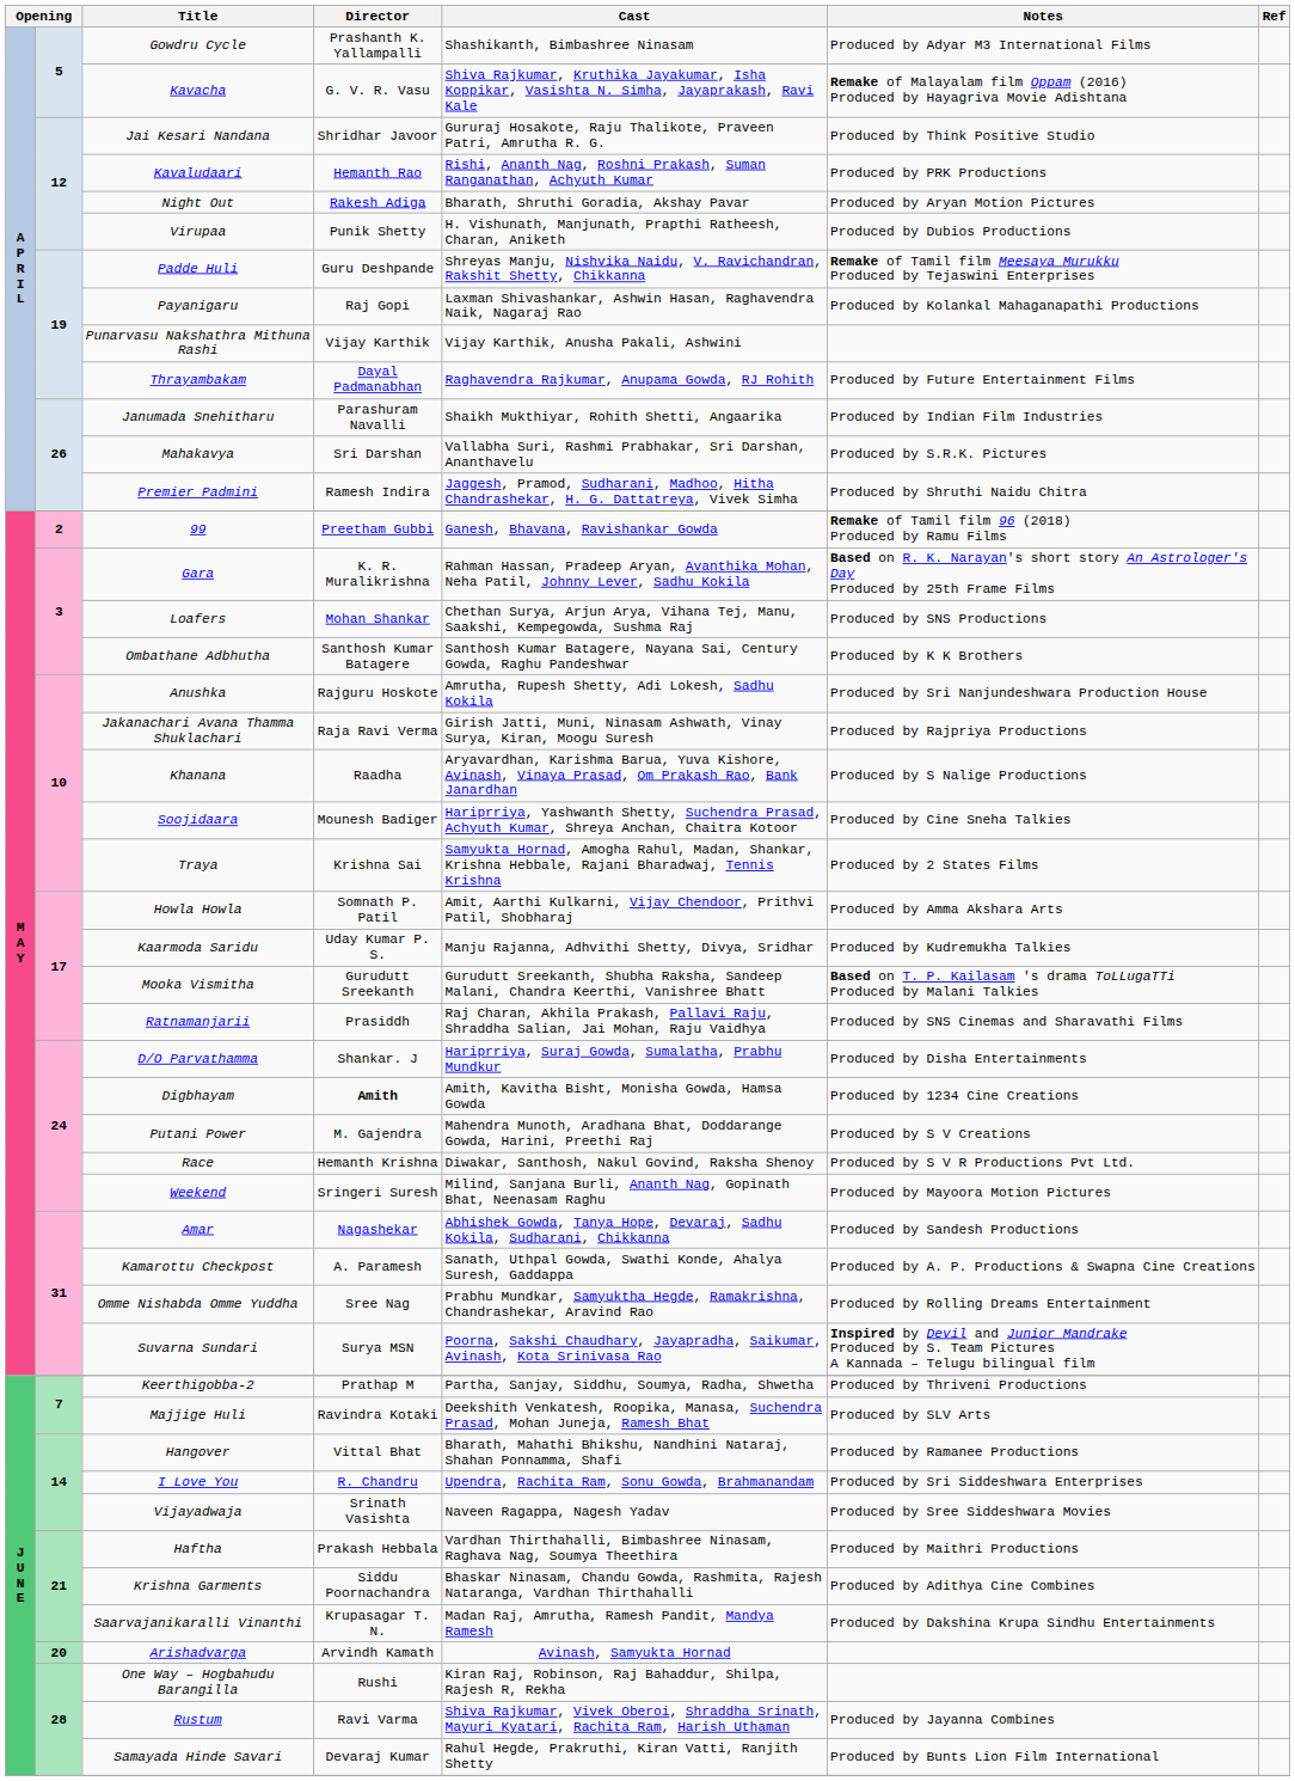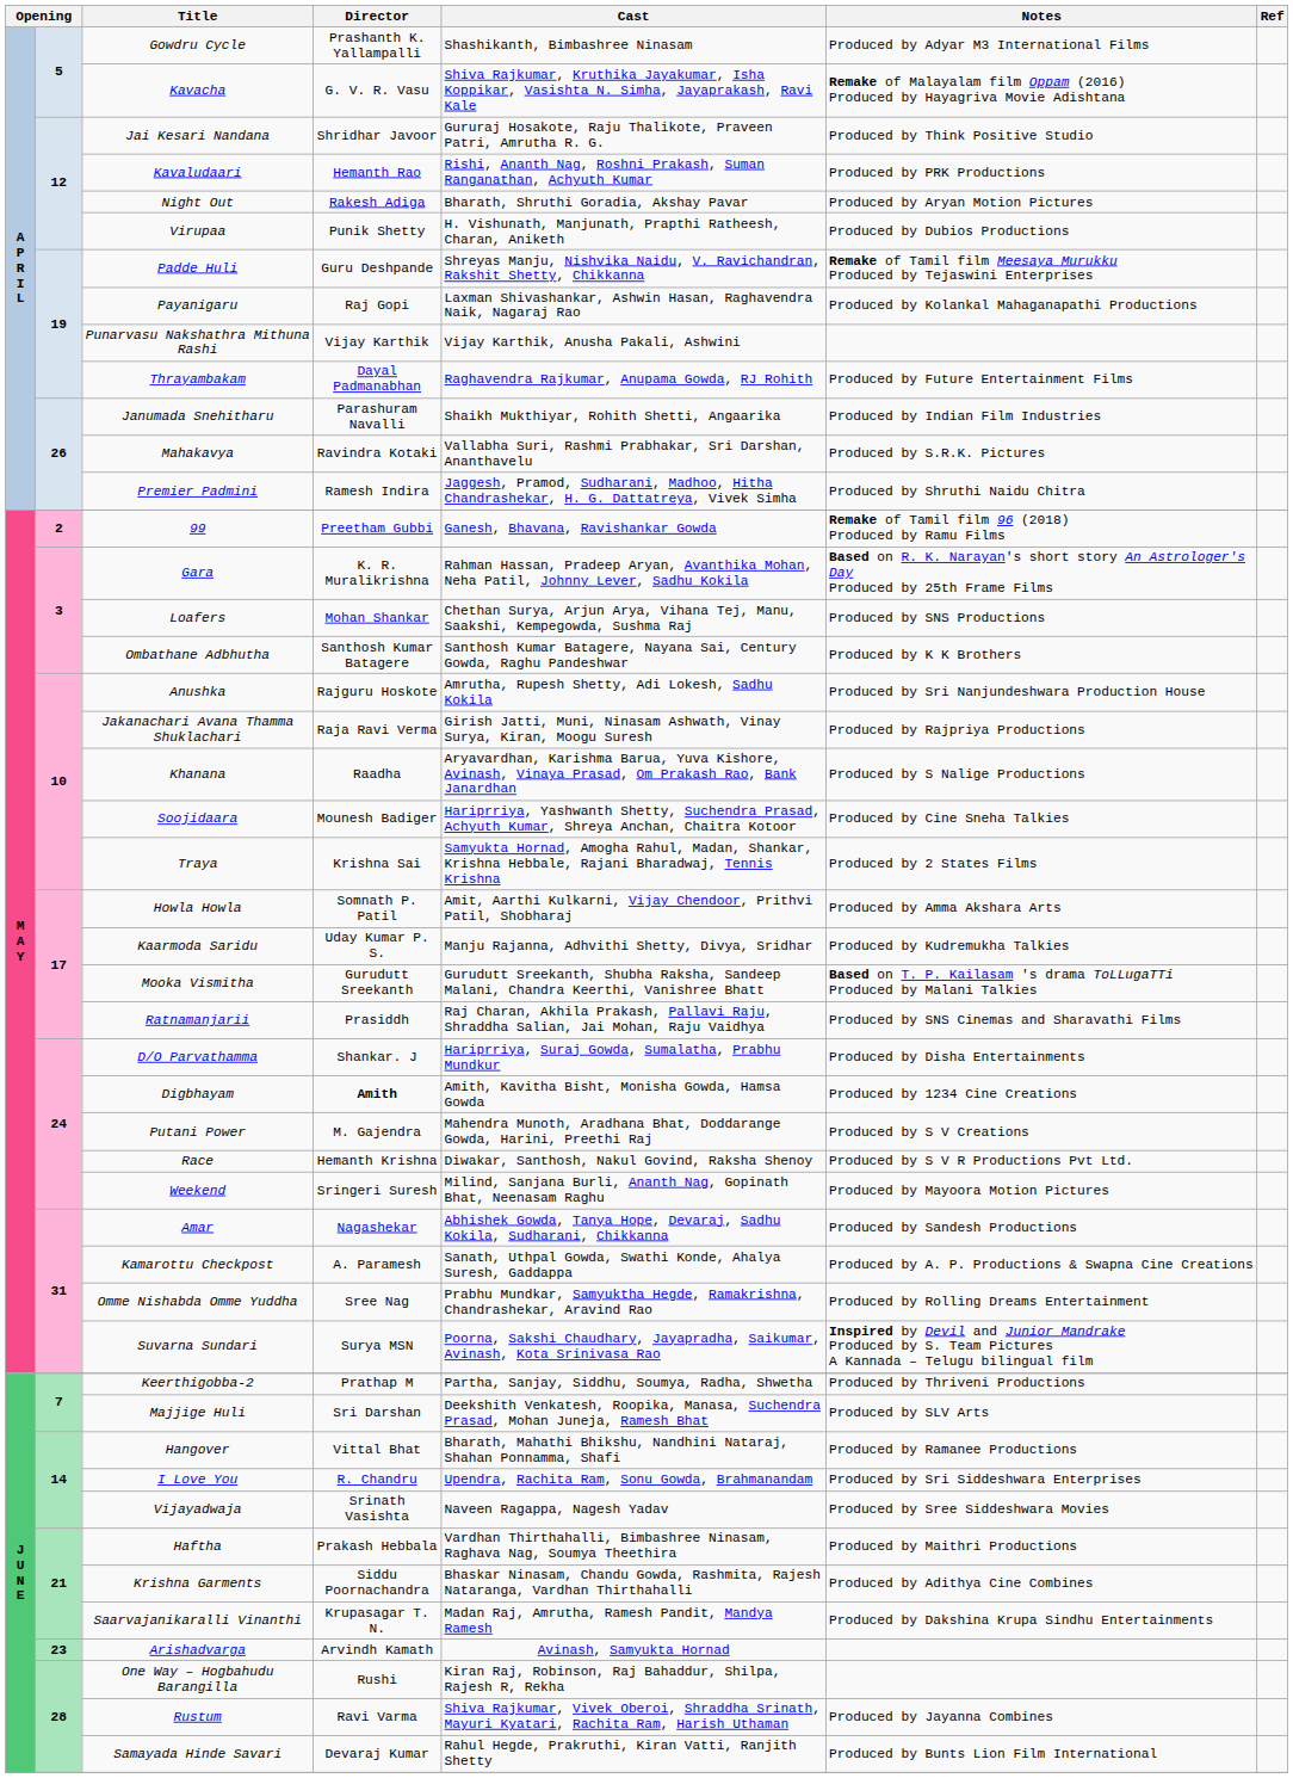 <table class="wikitable sortable">
 <tr style="background:#b0e0e6; text-align:center;">
 <th colspan="2" style="width:6%;"><strong>Opening</strong></th>
 <th style="width:18%;"><strong>Title</strong></th>
 <th style="width:10%;"><strong>Director</strong></th>
 <th style="width:30%;"><strong>Cast</strong></th>
 <th>Notes</th>
 <th>Ref</th>
 </tr>
 <tr April!>
 <td rowspan="13" style="text-align:center; background:#b4cae3; textcolor:#000;"><strong>A<br>P<br>R<br>I<br>L</strong></td>
 <td rowspan="2" style="text-align:center;background:#d9e4f1;"><strong>5</strong></td>
 <td align="center"><em>Gowdru Cycle</em></td>
 <td align="center">Prashanth K. Yallampalli</td>
 <td>Shashikanth, Bimbashree Ninasam</td>
 <td>Produced by Adyar M3 International Films</td>
 <td align="center"></td>
 </tr>
 <tr>
 <td align="center"><em><a href='#'>Kavacha</a></em></td>
 <td align="center">G. V. R. Vasu</td>
 <td><a href='#'>Shiva Rajkumar</a>, <a href='#'>Kruthika Jayakumar</a>, <a href='#'>Isha Koppikar</a>, <a href='#'>Vasishta N. Simha</a>, <a href='#'>Jayaprakash</a>, <a href='#'>Ravi Kale</a></td>
 <td><strong>Remake</strong> of Malayalam film <em><a href='#'>Oppam</a></em> (2016) <br> Produced by Hayagriva Movie Adishtana</td>
 <td align="center"></td>
 </tr>
 <tr>
 <td rowspan="4" style="text-align:center;background:#d9e4f1;"><strong>12</strong></td>
 <td align="center"><em>Jai Kesari Nandana</em></td>
 <td align="center">Shridhar Javoor</td>
 <td>Gururaj Hosakote, Raju Thalikote, Praveen Patri, Amrutha R. G.</td>
 <td>Produced by Think Positive Studio</td>
 <td align="center"></td>
 </tr>
 <tr>
 <td align="center"><em><a href='#'>Kavaludaari</a></em></td>
 <td align="center"><a href='#'>Hemanth Rao</a></td>
 <td><a href='#'>Rishi</a>, <a href='#'>Ananth Nag</a>, <a href='#'>Roshni Prakash</a>, <a href='#'>Suman Ranganathan</a>, <a href='#'>Achyuth Kumar</a></td>
 <td>Produced by PRK Productions</td>
 <td align="center"></td>
 </tr>
 <tr>
 <td align="center"><em>Night Out</em></td>
 <td align="center"><a href='#'>Rakesh Adiga</a></td>
 <td>Bharath, Shruthi Goradia, Akshay Pavar</td>
 <td>Produced by Aryan Motion Pictures</td>
 <td align="center"></td>
 </tr>
 <tr>
 <td align="center"><em>Virupaa</em></td>
 <td align="center">Punik Shetty</td>
 <td>H. Vishunath, Manjunath, Prapthi Ratheesh, Charan, Aniketh</td>
 <td>Produced by Dubios Productions</td>
 <td align="center"></td>
 </tr>
 <tr>
 <td rowspan="4" style="text-align:center;background:#d9e4f1;"><strong>19</strong></td>
 <td align="center"><em><a href='#'>Padde Huli</a></em></td>
 <td align="center">Guru Deshpande</td>
 <td>Shreyas Manju, <a href='#'>Nishvika Naidu</a>, <a href='#'>V. Ravichandran</a>, <a href='#'>Rakshit Shetty</a>, <a href='#'>Chikkanna</a></td>
 <td><strong> Remake</strong> of Tamil film <em><a href='#'>Meesaya Murukku</a></em><br>Produced by Tejaswini Enterprises</td>
 <td align="center"></td>
 </tr>
 <tr>
 <td align="center"><em>Payanigaru</em></td>
 <td align="center">Raj Gopi</td>
 <td>Laxman Shivashankar, Ashwin Hasan, Raghavendra Naik, Nagaraj Rao</td>
 <td>Produced by Kolankal Mahaganapathi Productions</td>
 <td align="center"></td>
 </tr>
 <tr>
 <td align="center"><em>Punarvasu Nakshathra Mithuna Rashi</em></td>
 <td align="center">Vijay Karthik</td>
 <td>Vijay Karthik, Anusha Pakali, Ashwini</td>
 <td></td>
 <td align="center"></td>
 </tr>
 <tr>
 <td align="center"><em><a href='#'>Thrayambakam</a></em></td>
 <td align="center"><a href='#'>Dayal Padmanabhan</a></td>
 <td><a href='#'>Raghavendra Rajkumar</a>, <a href='#'>Anupama Gowda</a>, <a href='#'>RJ Rohith</a></td>
 <td>Produced by Future Entertainment Films</td>
 <td align="center"></td>
 </tr>
 <tr>
 <td rowspan="3" style="text-align:center;background:#d9e4f1;"><strong>26</strong></td>
 <td align="center"><em>Janumada Snehitharu</em></td>
 <td align="center">Parashuram Navalli</td>
 <td>Shaikh Mukthiyar, Rohith Shetti, Angaarika</td>
 <td>Produced by Indian Film Industries</td>
 <td align="center"></td>
 </tr>
 <tr>
 <td align="center"><em>Mahakavya</em></td>
-<td align="center">Sri Darshan</td>
+<td align="center">Ravindra Kotaki</td>
 <td>Vallabha Suri, Rashmi Prabhakar, Sri Darshan, Ananthavelu</td>
 <td>Produced by S.R.K. Pictures</td>
 <td align="center"></td>
 </tr>
 <tr>
 <td align="center"><em><a href='#'>Premier Padmini</a></em></td>
 <td align="center">Ramesh Indira</td>
 <td><a href='#'>Jaggesh</a>, Pramod, <a href='#'>Sudharani</a>, <a href='#'>Madhoo</a>, <a href='#'>Hitha Chandrashekar</a>, <a href='#'>H. G. Dattatreya</a>, Vivek Simha</td>
 <td>Produced by Shruthi Naidu Chitra</td>
 <td align="center"></td>
 </tr>
 <tr>
 </tr>
 <tr May!>
 <td rowspan="22" style="text-align:center; background:#f64a8a;"><strong>M<br>A<br>Y</strong></td>
 <td rowspan="1" style="text-align:center;background:#ffb5da;"><strong>2</strong></td>
 <td align="center"><em><a href='#'>99</a></em></td>
 <td align="center"><a href='#'>Preetham Gubbi</a></td>
 <td><a href='#'>Ganesh</a>, <a href='#'>Bhavana</a>, <a href='#'>Ravishankar Gowda</a></td>
 <td><strong>Remake</strong> of Tamil film <em><a href='#'>96</a></em> (2018) <br> Produced by Ramu Films</td>
 <td align="center"></td>
 </tr>
 <tr>
 <td rowspan="3" style="text-align:center;background:#ffb5da;"><strong>3</strong></td>
 <td align="center"><em><a href='#'>Gara</a></em></td>
 <td align="center">K. R. Muralikrishna</td>
 <td>Rahman Hassan, Pradeep Aryan, <a href='#'>Avanthika Mohan</a>, Neha Patil, <a href='#'>Johnny Lever</a>, <a href='#'>Sadhu Kokila</a></td>
 <td><strong>Based</strong> on <a href='#'>R. K. Narayan</a>'s short story <em><a href='#'>An Astrologer's Day</a></em> <br> Produced by 25th Frame Films</td>
 <td align="center"></td>
 </tr>
 <tr>
 <td align="center"><em>Loafers</em></td>
 <td align="center"><a href='#'>Mohan Shankar</a></td>
 <td>Chethan Surya, Arjun Arya, Vihana Tej, Manu, Saakshi, Kempegowda, Sushma Raj</td>
 <td>Produced by SNS Productions</td>
 <td align="center"></td>
 </tr>
 <tr>
 <td align="center"><em>Ombathane Adbhutha</em></td>
 <td align="center">Santhosh Kumar Batagere</td>
 <td>Santhosh Kumar Batagere, Nayana Sai, Century Gowda, Raghu Pandeshwar</td>
 <td>Produced by K K Brothers</td>
 <td align="center"></td>
 </tr>
 <tr>
 <td rowspan="5" style="text-align:center;background:#ffb5da;"><strong>10</strong></td>
 <td align="center"><em>Anushka</em></td>
 <td align="center">Rajguru Hoskote</td>
 <td>Amrutha, Rupesh Shetty, Adi Lokesh, <a href='#'>Sadhu Kokila</a></td>
 <td>Produced by Sri Nanjundeshwara Production House</td>
 <td align="center"></td>
 </tr>
 <tr>
 <td align="center"><em>Jakanachari Avana Thamma Shuklachari</em></td>
 <td align="center">Raja Ravi Verma</td>
 <td>Girish Jatti, Muni, Ninasam Ashwath, Vinay Surya, Kiran, Moogu Suresh</td>
 <td>Produced by Rajpriya Productions</td>
 <td align="center"></td>
 </tr>
 <tr>
 <td align="center"><em>Khanana</em></td>
 <td align="center">Raadha</td>
 <td>Aryavardhan, Karishma Barua, Yuva Kishore, <a href='#'>Avinash</a>, <a href='#'>Vinaya Prasad</a>, <a href='#'>Om Prakash Rao</a>, <a href='#'>Bank Janardhan</a></td>
 <td>Produced by S Nalige Productions</td>
 <td align="center"></td>
 </tr>
 <tr>
 <td align="center"><em><a href='#'>Soojidaara</a></em></td>
 <td align="center">Mounesh Badiger</td>
 <td><a href='#'>Hariprriya</a>, Yashwanth Shetty, <a href='#'>Suchendra Prasad</a>, <a href='#'>Achyuth Kumar</a>, Shreya Anchan, Chaitra Kotoor</td>
 <td>Produced by Cine Sneha Talkies</td>
 <td align="center"></td>
 </tr>
 <tr>
 <td align="center"><em>Traya</em></td>
 <td align="center">Krishna Sai</td>
 <td><a href='#'>Samyukta Hornad</a>, Amogha Rahul, Madan, Shankar, Krishna Hebbale, Rajani Bharadwaj, <a href='#'>Tennis Krishna</a></td>
 <td>Produced by 2 States Films</td>
 <td align="center"></td>
 </tr>
 <tr>
 <td rowspan="4" style="text-align:center;background:#ffb5da;"><strong>17</strong></td>
 <td align="center"><em>Howla Howla</em></td>
 <td align="center">Somnath P. Patil</td>
 <td>Amit, Aarthi Kulkarni, <a href='#'>Vijay Chendoor</a>, Prithvi Patil, Shobharaj</td>
 <td>Produced by Amma Akshara Arts</td>
 <td align="center"></td>
 </tr>
 <tr>
 <td align="center"><em>Kaarmoda Saridu</em></td>
 <td align="center">Uday Kumar P. S.</td>
 <td>Manju Rajanna, Adhvithi Shetty, Divya, Sridhar</td>
 <td>Produced by Kudremukha Talkies</td>
 <td align="center"></td>
 </tr>
 <tr>
 <td align="center"><em>Mooka Vismitha</em></td>
 <td align="center">Gurudutt Sreekanth</td>
 <td>Gurudutt Sreekanth, Shubha Raksha, Sandeep Malani, Chandra Keerthi, Vanishree Bhatt</td>
 <td><strong>Based</strong> on <a href='#'>T. P. Kailasam</a> 's drama <em>ToLLugaTTi</em> <br> Produced by Malani Talkies</td>
 <td align="center"></td>
 </tr>
 <tr>
 <td align="center"><em><a href='#'>Ratnamanjarii</a></em></td>
 <td align="center">Prasiddh</td>
 <td>Raj Charan, Akhila Prakash, <a href='#'>Pallavi Raju</a>, Shraddha Salian, Jai Mohan, Raju Vaidhya</td>
 <td>Produced by SNS Cinemas and Sharavathi Films</td>
 <td align="center"></td>
 </tr>
 <tr>
 <td rowspan="5" style="text-align:center;background:#ffb5da;"><strong>24</strong></td>
 <td align="center"><em><a href='#'>D/O Parvathamma</a></em></td>
 <td align="center">Shankar. J</td>
 <td><a href='#'>Hariprriya</a>, <a href='#'>Suraj Gowda</a>, <a href='#'>Sumalatha</a>, <a href='#'>Prabhu Mundkur</a></td>
 <td>Produced by Disha Entertainments</td>
 <td align="center"></td>
 </tr>
 <tr>
 <td align="center"><em>Digbhayam</em></td>
 <td align="center"><strong>Amith</strong></td>
 <td>Amith, Kavitha Bisht, Monisha Gowda, Hamsa Gowda</td>
 <td>Produced by 1234 Cine Creations</td>
 <td align="center"></td>
 </tr>
 <tr>
 <td align="center"><em>Putani Power</em></td>
 <td align="center">M. Gajendra</td>
 <td>Mahendra Munoth, Aradhana Bhat, Doddarange Gowda, Harini, Preethi Raj</td>
 <td>Produced by S V Creations</td>
 <td align="center"></td>
 </tr>
 <tr>
 <td align="center"><em>Race</em></td>
 <td align="center">Hemanth Krishna</td>
 <td>Diwakar, Santhosh, Nakul Govind, Raksha Shenoy</td>
 <td>Produced by S V R Productions Pvt Ltd.</td>
 <td align="center"></td>
 </tr>
 <tr>
 <td align="center"><em><a href='#'>Weekend</a></em></td>
 <td align="center">Sringeri Suresh</td>
 <td>Milind, Sanjana Burli, <a href='#'>Ananth Nag</a>, Gopinath Bhat, Neenasam Raghu</td>
 <td>Produced by Mayoora Motion Pictures</td>
 <td align="center"></td>
 </tr>
 <tr>
 <td rowspan="4" style="text-align:center;background:#ffb5da;"><strong>31</strong></td>
 <td align="center"><em><a href='#'>Amar</a></em></td>
 <td align="center"><a href='#'>Nagashekar</a></td>
 <td><a href='#'>Abhishek Gowda</a>, <a href='#'>Tanya Hope</a>, <a href='#'>Devaraj</a>, <a href='#'>Sadhu Kokila</a>, <a href='#'>Sudharani</a>, <a href='#'>Chikkanna</a></td>
 <td>Produced by Sandesh Productions</td>
 <td align="center"></td>
 </tr>
 <tr>
 <td align="center"><em>Kamarottu Checkpost</em></td>
 <td align="center">A. Paramesh</td>
 <td>Sanath, Uthpal Gowda, Swathi Konde, Ahalya Suresh, Gaddappa</td>
 <td>Produced by A. P. Productions & Swapna Cine Creations</td>
 <td align="center"></td>
 </tr>
 <tr>
 <td align="center"><em>Omme Nishabda Omme Yuddha</em></td>
 <td align="center">Sree Nag</td>
 <td>Prabhu Mundkar, <a href='#'>Samyuktha Hegde</a>, <a href='#'>Ramakrishna</a>, Chandrashekar, Aravind Rao</td>
 <td>Produced by Rolling Dreams Entertainment</td>
 <td align="center"></td>
 </tr>
 <tr>
 <td align="center"><em>Suvarna Sundari</em></td>
 <td align="center">Surya MSN</td>
 <td><a href='#'>Poorna</a>, <a href='#'>Sakshi Chaudhary</a>, <a href='#'>Jayapradha</a>, <a href='#'>Saikumar</a>, <a href='#'>Avinash</a>, <a href='#'>Kota Srinivasa Rao</a></td>
 <td><strong>Inspired</strong> by <em><a href='#'>Devil</a></em> and <em><a href='#'>Junior Mandrake</a></em> <br> Produced by S. Team Pictures <br> A Kannada – Telugu bilingual film</td>
 <td align="center"></td>
 </tr>
 <tr>
 </tr>
 <tr June!>
 <td rowspan="13" style="text-align:center; background:#50c878; textcolor:#000;"><strong>J<br>U<br>N<br>E</strong></td>
 <td rowspan="2" style="text-align:center;background:#a8e4bc;"><strong>7</strong></td>
 <td align="center"><em>Keerthigobba-2</em></td>
 <td align="center">Prathap M</td>
 <td>Partha, Sanjay, Siddhu, Soumya, Radha, Shwetha</td>
 <td>Produced by Thriveni Productions</td>
 <td align="center"></td>
 </tr>
 <tr>
 <td align="center"><em>Majjige Huli</em></td>
-<td align="center">Ravindra Kotaki</td>
+<td align="center">Sri Darshan</td>
 <td>Deekshith Venkatesh, Roopika, Manasa, <a href='#'>Suchendra Prasad</a>, Mohan Juneja, <a href='#'>Ramesh Bhat</a></td>
 <td>Produced by SLV Arts</td>
 <td align="center"></td>
 </tr>
 <tr>
 <td rowspan="3" style="text-align:center;background:#a8e4bc;"><strong>14</strong></td>
 <td align="center"><em>Hangover</em></td>
 <td align="center">Vittal Bhat</td>
 <td>Bharath, Mahathi Bhikshu, Nandhini Nataraj, Shahan Ponnamma, Shafi</td>
 <td>Produced by Ramanee Productions</td>
 <td align="center"></td>
 </tr>
 <tr>
 <td align="center"><em><a href='#'>I Love You</a></em></td>
 <td align="center"><a href='#'>R. Chandru</a></td>
 <td><a href='#'>Upendra</a>, <a href='#'>Rachita Ram</a>, <a href='#'>Sonu Gowda</a>, <a href='#'>Brahmanandam</a></td>
 <td>Produced by Sri Siddeshwara Enterprises</td>
 <td align="center"></td>
 </tr>
 <tr>
 <td align="center"><em>Vijayadwaja</em></td>
 <td align="center">Srinath Vasishta</td>
 <td>Naveen Ragappa, Nagesh Yadav</td>
 <td>Produced by Sree Siddeshwara Movies</td>
 <td align="center"></td>
 </tr>
 <tr>
 <td rowspan="3" style="text-align:center;background:#a8e4bc;"><strong>21</strong></td>
 <td align="center"><em>Haftha</em></td>
 <td align="center">Prakash Hebbala</td>
 <td>Vardhan Thirthahalli, Bimbashree Ninasam, Raghava Nag, Soumya Theethira</td>
 <td>Produced by Maithri Productions</td>
 <td align="center"></td>
 </tr>
 <tr>
 <td align="center"><em>Krishna Garments</em></td>
 <td align="center">Siddu Poornachandra</td>
 <td>Bhaskar Ninasam, Chandu Gowda, Rashmita, Rajesh Nataranga, Vardhan Thirthahalli</td>
 <td>Produced by Adithya Cine Combines</td>
 <td align="center"></td>
 </tr>
 <tr>
 <td align="center"><em>Saarvajanikaralli Vinanthi</em></td>
 <td align="center">Krupasagar T. N.</td>
 <td>Madan Raj, Amrutha, Ramesh Pandit, <a href='#'>Mandya Ramesh</a></td>
 <td>Produced by Dakshina Krupa Sindhu Entertainments</td>
 <td align="center"></td>
 </tr>
 <tr>
-<td style="text-align:center;background:#a8e4bc;"><strong>20</strong></td>
+<td style="text-align:center;background:#a8e4bc;"><strong>23</strong></td>
 <td align="center"><em><a href='#'>Arishadvarga</a></em></td>
 <td align="center">Arvindh Kamath</td>
 <td align="center"><a href='#'>Avinash</a>, <a href='#'>Samyukta Hornad</a></td>
 <td></td>
 <td></td>
 </tr>
 <tr>
 <td rowspan="3" style="text-align:center;background:#a8e4bc;"><strong>28</strong></td>
 <td align="center"><em>One Way – Hogbahudu Barangilla</em></td>
 <td align="center">Rushi</td>
 <td>Kiran Raj, Robinson, Raj Bahaddur, Shilpa, Rajesh R, Rekha</td>
 <td></td>
 <td align="center"></td>
 </tr>
 <tr>
 <td align="center"><em><a href='#'>Rustum</a></em></td>
 <td align="center">Ravi Varma</td>
 <td><a href='#'>Shiva Rajkumar</a>, <a href='#'>Vivek Oberoi</a>, <a href='#'>Shraddha Srinath</a>, <a href='#'>Mayuri Kyatari</a>, <a href='#'>Rachita Ram</a>, <a href='#'>Harish Uthaman</a></td>
 <td>Produced by Jayanna Combines</td>
 <td align="center"></td>
 </tr>
 <tr>
 <td align="center"><em>Samayada Hinde Savari</em></td>
 <td align="center">Devaraj Kumar</td>
 <td>Rahul Hegde, Prakruthi, Kiran Vatti, Ranjith Shetty</td>
 <td>Produced by Bunts Lion Film International</td>
 <td align="center"></td>
 </tr>
 <tr>
 </tr>
 </table>
